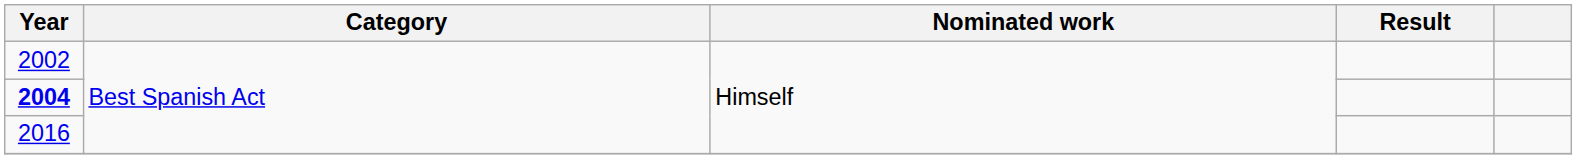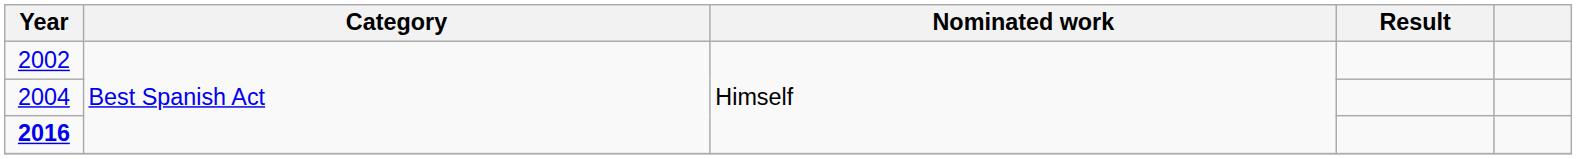 <table class="wikitable" style="width:85%;">
 <tr>
 <th width=5%>Year</th>
 <th style="width:40%;">Category</th>
 <th style="width:40%;">Nominated work</th>
 <th style="width:10%;">Result</th>
 <th width=5%></th>
 </tr>
 <tr>
 <td style="text-align:center;"><a href='#'>2002</a></td>
 <td rowspan="3"><a href='#'>Best Spanish Act</a></td>
 <td rowspan="3">Himself</td>
 <td></td>
 <td></td>
 </tr>
 <tr>
-<td style="text-align:center;"><strong><a href='#'>2004</a></strong></td>
+<td style="text-align:center;"><a href='#'>2004</a></td>
 <td></td>
 <td></td>
 </tr>
 <tr>
-<td style="text-align:center;"><a href='#'>2016</a></td>
+<td style="text-align:center;"><strong><a href='#'>2016</a></strong></td>
 <td></td>
 <td></td>
 </tr>
 <tr>
 </tr>
 </table>
